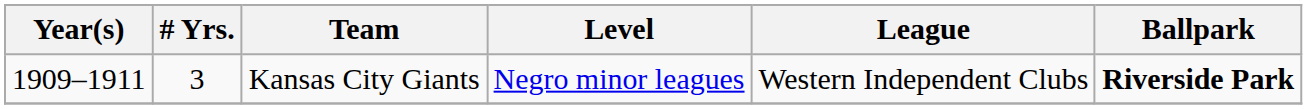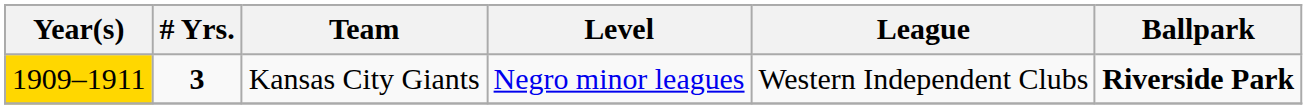 <table class="wikitable" style="text-align:center; font-size: 95%;">
 <tr>
 <th>Year(s)</th>
 <th># Yrs.</th>
 <th>Team</th>
 <th>Level</th>
 <th>League</th>
 <th>Ballpark</th>
 </tr>
 <tr>
-<td>1909–1911</td>
-<td>3</td>
+<td style="background: gold;">1909–1911</td>
+<td><strong>3</strong></td>
 <td>Kansas City Giants</td>
 <td><a href='#'>Negro minor leagues</a></td>
 <td>Western Independent Clubs</td>
 <td><strong>Riverside Park</strong></td>
 </tr>
 <tr>
 </tr>
 </table>
